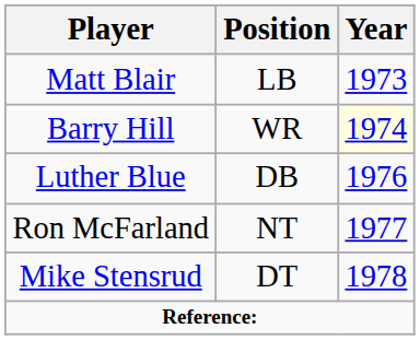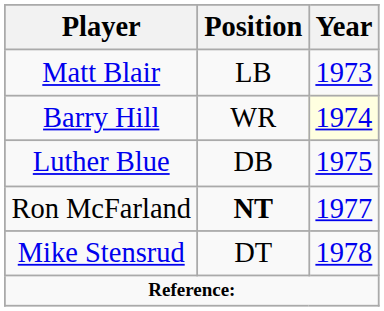 <table class="wikitable" style="text-align: center">
 <tr align=center>
 <th>Player</th>
 <th>Position</th>
 <th>Year</th>
 </tr>
 <tr align=center>
 <td><a href='#'>Matt Blair</a></td>
 <td>LB</td>
 <td><a href='#'>1973</a></td>
 </tr>
 <tr align=center>
 <td><a href='#'>Barry Hill</a></td>
 <td>WR</td>
 <td style="background: lightyellow;"><a href='#'>1974</a></td>
 </tr>
 <tr align=center>
 <td><a href='#'>Luther Blue</a></td>
 <td>DB</td>
-<td><a href='#'>1976</a></td>
+<td><a href='#'>1975</a></td>
 </tr>
 <tr align=center>
 <td>Ron McFarland</td>
-<td>NT</td>
+<td><strong>NT</strong></td>
 <td><a href='#'>1977</a></td>
 </tr>
 <tr align=center>
 <td><a href='#'>Mike Stensrud</a></td>
 <td>DT</td>
 <td><a href='#'>1978</a></td>
 </tr>
 <tr align=center>
 <td colspan="3"  style="font-size:8pt; text-align:center;"><strong>Reference:</strong></td>
 </tr>
 </table>
